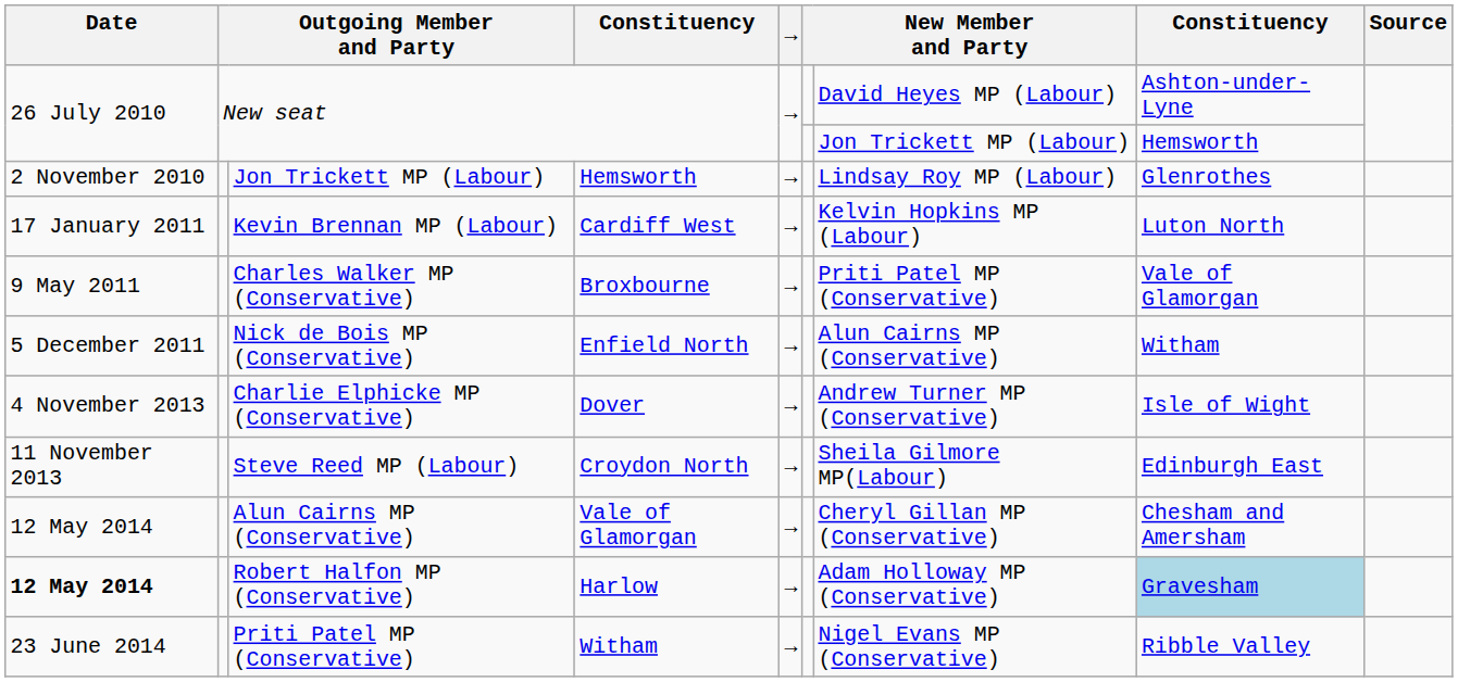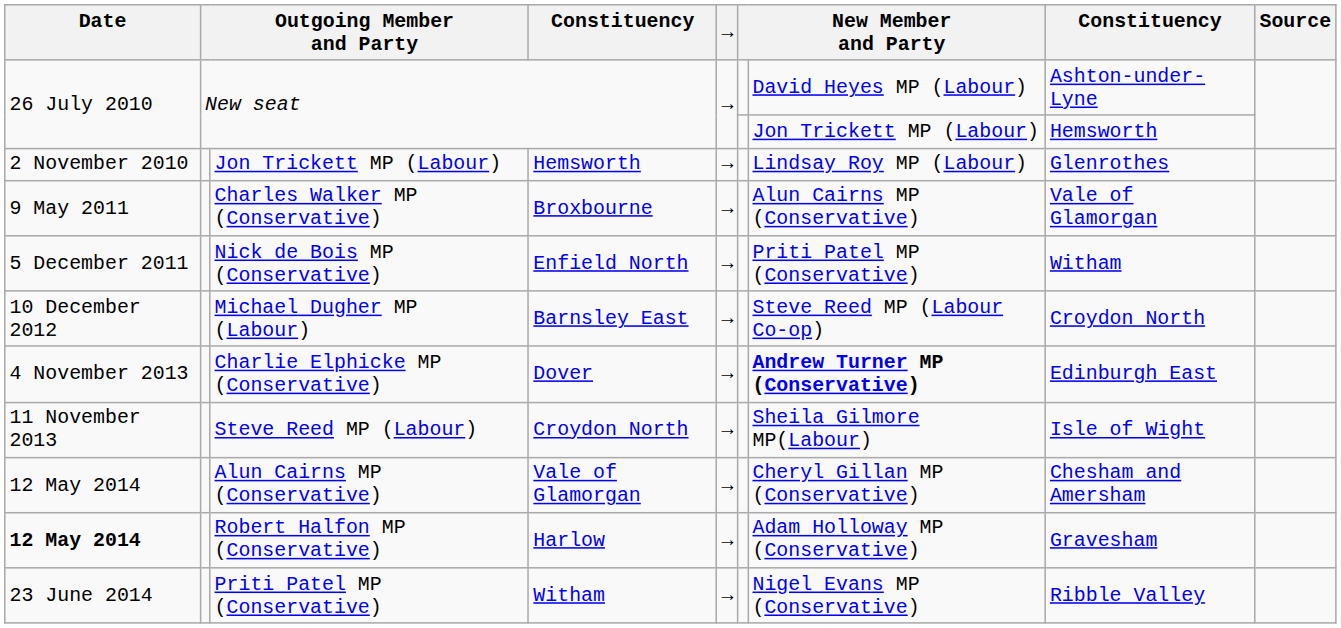 <table class="wikitable">
 <tr>
 <th valign="top">Date</th>
 <th colspan="2" valign="top">Outgoing Member<br>and Party</th>
 <th valign="top">Constituency</th>
 <th>→</th>
 <th colspan="2" valign="top">New Member<br>and Party</th>
 <th valign="top">Constituency</th>
 <th valign="top">Source</th>
 </tr>
 <tr>
 <td rowspan=2>26 July 2010</td>
 <td colspan=3 rowspan=2><em>New seat</em></td>
 <td rowspan=2>→</td>
 <td style="color:inherit;background:"></td>
 <td><a href='#'>David Heyes</a> MP (<a href='#'>Labour</a>)</td>
 <td><a href='#'>Ashton-under-Lyne</a></td>
 <td rowspan=2></td>
 </tr>
 <tr>
 <td style="color:inherit;background:"></td>
 <td><a href='#'>Jon Trickett</a> MP (<a href='#'>Labour</a>)</td>
 <td><a href='#'>Hemsworth</a></td>
 </tr>
 <tr>
 <td nowrap>2 November 2010</td>
 <td style="color:inherit;background:"></td>
 <td><a href='#'>Jon Trickett</a> MP (<a href='#'>Labour</a>)</td>
 <td><a href='#'>Hemsworth</a></td>
 <td>→</td>
 <td style="color:inherit;background:"></td>
 <td><a href='#'>Lindsay Roy</a> MP (<a href='#'>Labour</a>)</td>
 <td><a href='#'>Glenrothes</a></td>
 <td></td>
 </tr>
 <tr>
-<td>17 January 2011</td>
-<td style="color:inherit;background:"></td>
-<td><a href='#'>Kevin Brennan</a> MP (<a href='#'>Labour</a>)</td>
-<td><a href='#'>Cardiff West</a></td>
-<td>→</td>
-<td style="color:inherit;background:"></td>
-<td><a href='#'>Kelvin Hopkins</a> MP  (<a href='#'>Labour</a>)</td>
-<td><a href='#'>Luton North</a></td>
-<td></td>
-</tr>
-<tr>
 <td>9 May 2011</td>
 <td style="color:inherit;background:"></td>
 <td><a href='#'>Charles Walker</a> MP (<a href='#'>Conservative</a>)</td>
 <td><a href='#'>Broxbourne</a></td>
 <td>→</td>
 <td style="color:inherit;background:"></td>
-<td><a href='#'>Priti Patel</a> MP (<a href='#'>Conservative</a>)</td>
+<td><a href='#'>Alun Cairns</a> MP (<a href='#'>Conservative</a>)</td>
 <td><a href='#'>Vale of Glamorgan</a></td>
 <td></td>
 </tr>
 <tr>
 <td>5 December 2011</td>
 <td style="color:inherit;background:"></td>
 <td><a href='#'>Nick de Bois</a> MP (<a href='#'>Conservative</a>)</td>
 <td><a href='#'>Enfield North</a></td>
 <td>→</td>
 <td style="color:inherit;background:"></td>
-<td><a href='#'>Alun Cairns</a> MP (<a href='#'>Conservative</a>)</td>
+<td><a href='#'>Priti Patel</a> MP (<a href='#'>Conservative</a>)</td>
 <td><a href='#'>Witham</a></td>
+<td></td>
+</tr>
+<tr>
+<td>10 December 2012</td>
+<td style="color:inherit;background:"></td>
+<td><a href='#'>Michael Dugher</a> MP (<a href='#'>Labour</a>)</td>
+<td><a href='#'>Barnsley East</a></td>
+<td>→</td>
+<td style="color:inherit;background:"></td>
+<td><a href='#'>Steve Reed</a> MP (<a href='#'>Labour</a> <a href='#'>Co-op</a>)</td>
+<td><a href='#'>Croydon North</a></td>
 <td></td>
 </tr>
 <tr>
 <td>4 November 2013</td>
 <td style="color:inherit;background:"></td>
 <td><a href='#'>Charlie Elphicke</a> MP (<a href='#'>Conservative</a>)</td>
 <td><a href='#'>Dover</a></td>
 <td>→</td>
 <td style="color:inherit;background:"></td>
-<td><a href='#'>Andrew Turner</a> MP (<a href='#'>Conservative</a>)</td>
-<td><a href='#'>Isle of Wight</a></td>
+<td><strong><a href='#'>Andrew Turner</a> MP (<a href='#'>Conservative</a>)</strong></td>
+<td><a href='#'>Edinburgh East</a></td>
 <td></td>
 </tr>
 <tr>
 <td>11 November 2013</td>
 <td style="color:inherit;background:"></td>
 <td><a href='#'>Steve Reed</a> MP (<a href='#'>Labour</a>)</td>
 <td><a href='#'>Croydon North</a></td>
 <td>→</td>
 <td style="color:inherit;background:"></td>
 <td><a href='#'>Sheila Gilmore</a> MP(<a href='#'>Labour</a>)</td>
-<td><a href='#'>Edinburgh East</a></td>
+<td><a href='#'>Isle of Wight</a></td>
 <td></td>
 </tr>
 <tr>
 <td>12 May 2014</td>
 <td style="color:inherit;background:"></td>
 <td><a href='#'>Alun Cairns</a> MP (<a href='#'>Conservative</a>)</td>
 <td><a href='#'>Vale of Glamorgan</a></td>
 <td>→</td>
 <td style="color:inherit;background:"></td>
 <td><a href='#'>Cheryl Gillan</a> MP (<a href='#'>Conservative</a>)</td>
 <td><a href='#'>Chesham and Amersham</a></td>
 <td></td>
 </tr>
 <tr>
 <td><strong>12 May 2014</strong></td>
 <td style="color:inherit;background:"></td>
 <td><a href='#'>Robert Halfon</a> MP (<a href='#'>Conservative</a>)</td>
 <td><a href='#'>Harlow</a></td>
 <td>→</td>
 <td style="color:inherit;background:"></td>
 <td><a href='#'>Adam Holloway</a> MP (<a href='#'>Conservative</a>)</td>
-<td style="background: lightblue;"><a href='#'>Gravesham</a></td>
+<td><a href='#'>Gravesham</a></td>
 <td></td>
 </tr>
 <tr>
 <td>23 June 2014</td>
 <td style="color:inherit;background:"></td>
 <td><a href='#'>Priti Patel</a> MP (<a href='#'>Conservative</a>)</td>
 <td><a href='#'>Witham</a></td>
 <td>→</td>
 <td style="color:inherit;background:"></td>
 <td><a href='#'>Nigel Evans</a> MP (<a href='#'>Conservative</a>)</td>
 <td><a href='#'>Ribble Valley</a></td>
 <td></td>
 </tr>
 </table>
